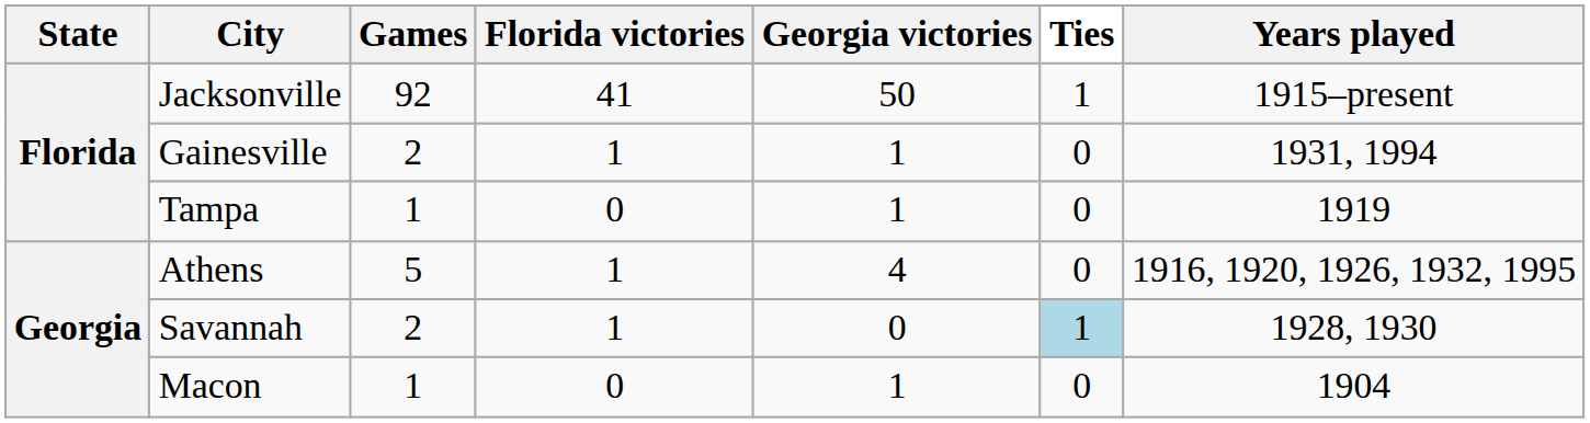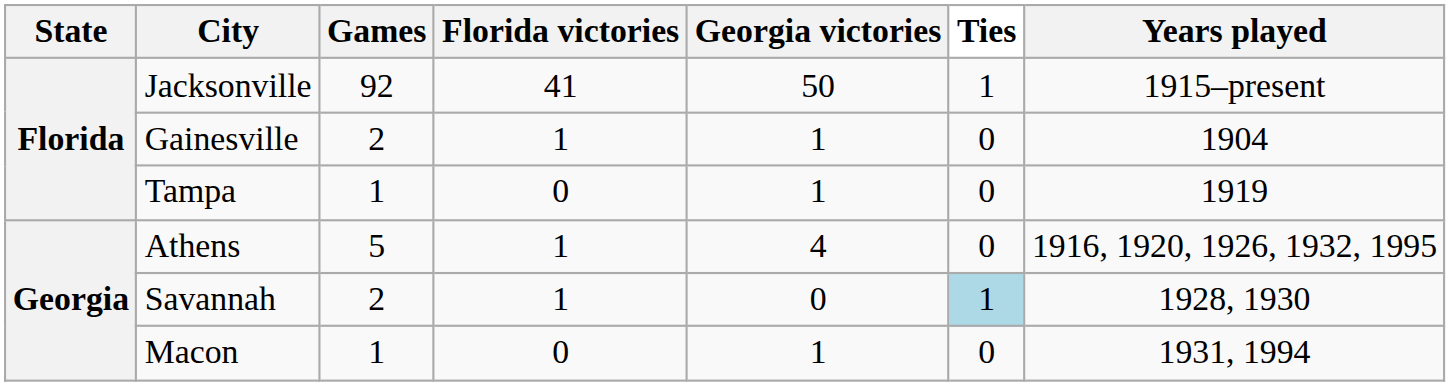 <table class="wikitable sortable">
 <tr>
 <th>State</th>
 <th>City</th>
 <th>Games</th>
 <th>Florida victories</th>
 <th>Georgia victories</th>
 <th style="text-align:center; background:white; color:black;">Ties</th>
 <th>Years played</th>
 </tr>
 <tr>
 <th rowspan="3">Florida</th>
 <td>Jacksonville</td>
 <td style="text-align:center;">92</td>
 <td style="text-align:center;">41</td>
 <td style="text-align:center;">50</td>
 <td style="text-align:center;">1</td>
 <td style="text-align:center;">1915–present</td>
 </tr>
 <tr>
 <td>Gainesville</td>
 <td style="text-align:center;">2</td>
 <td style="text-align:center;">1</td>
 <td style="text-align:center;">1</td>
 <td style="text-align:center;">0</td>
-<td style="text-align:center;">1931, 1994</td>
+<td style="text-align:center;">1904</td>
 </tr>
 <tr>
 <td>Tampa</td>
 <td style="text-align:center;">1</td>
 <td style="text-align:center;">0</td>
 <td style="text-align:center;">1</td>
 <td style="text-align:center;">0</td>
 <td style="text-align:center;">1919</td>
 </tr>
 <tr>
 <th rowspan="3">Georgia</th>
 <td>Athens</td>
 <td style="text-align:center;">5</td>
 <td style="text-align:center;">1</td>
 <td style="text-align:center;">4</td>
 <td style="text-align:center;">0</td>
 <td style="text-align:center;">1916, 1920, 1926, 1932, 1995</td>
 </tr>
 <tr>
 <td>Savannah</td>
 <td style="text-align:center;">2</td>
 <td style="text-align:center;">1</td>
 <td style="text-align:center;">0</td>
 <td style="background: lightblue; text-align:center;">1</td>
 <td style="text-align:center;">1928, 1930</td>
 </tr>
 <tr>
 <td>Macon</td>
 <td style="text-align:center;">1</td>
 <td style="text-align:center;">0</td>
 <td style="text-align:center;">1</td>
 <td style="text-align:center;">0</td>
-<td style="text-align:center;">1904</td>
+<td style="text-align:center;">1931, 1994</td>
 </tr>
 </table>
